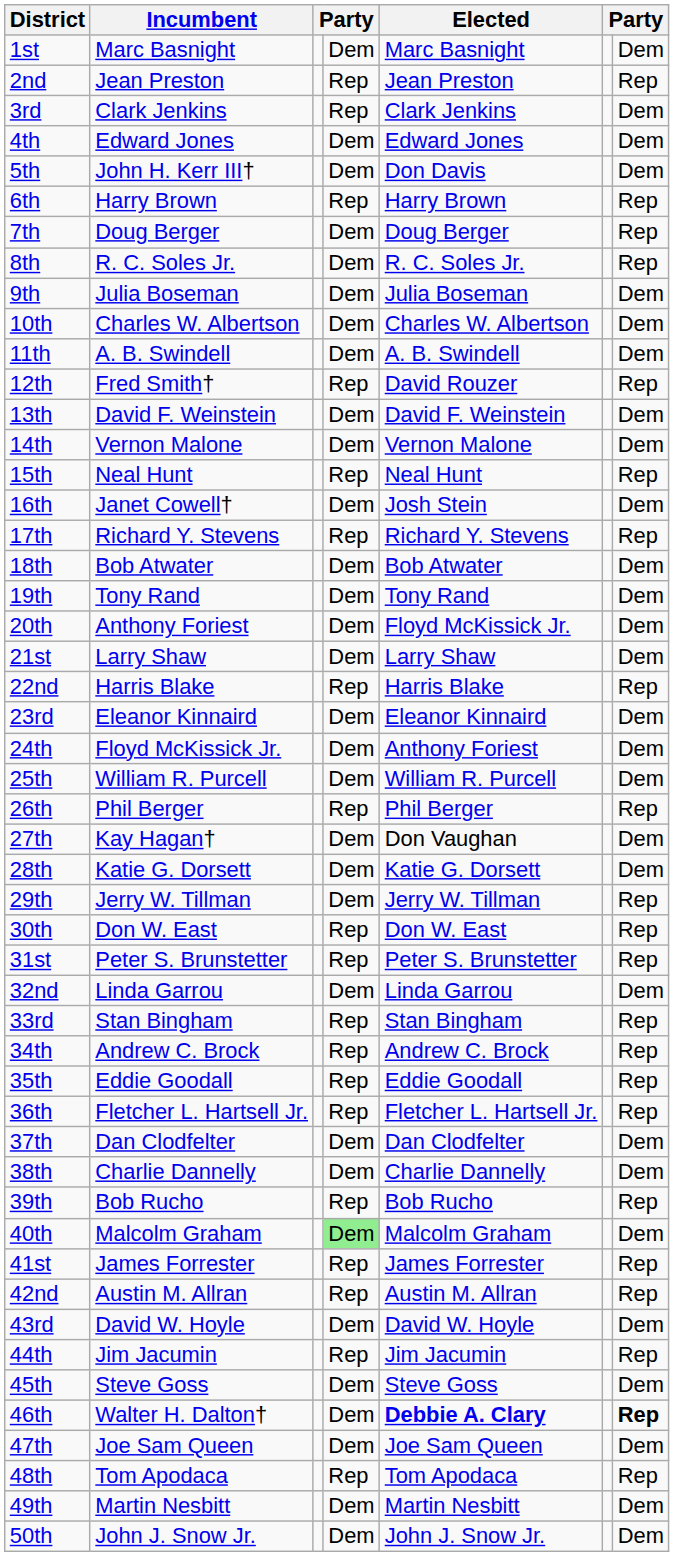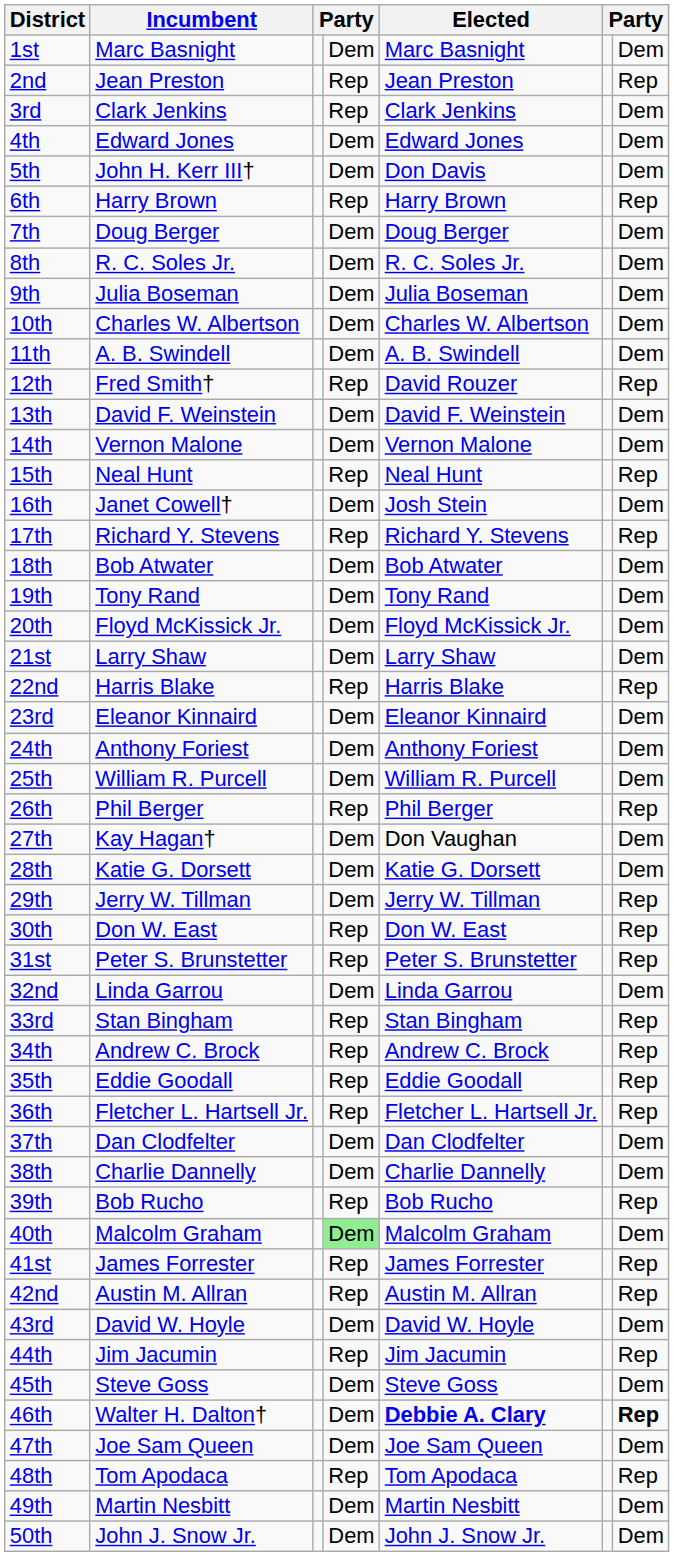 <table class="sortable wikitable" style="font-size:95%;line-height:14px;">
 <tr>
 <th class="unsortable">District</th>
 <th class="unsortable"><a href='#'>Incumbent</a></th>
 <th colspan="2">Party</th>
 <th class="unsortable">Elected</th>
 <th colspan="2">Party</th>
 </tr>
 <tr>
 <td><a href='#'>1st</a></td>
 <td><a href='#'>Marc Basnight</a></td>
 <td style="background:"></td>
 <td>Dem</td>
 <td><a href='#'>Marc Basnight</a></td>
 <td style="background:"></td>
 <td>Dem</td>
 </tr>
 <tr>
 <td><a href='#'>2nd</a></td>
 <td><a href='#'>Jean Preston</a></td>
 <td style="background:"></td>
 <td>Rep</td>
 <td><a href='#'>Jean Preston</a></td>
 <td style="background:"></td>
 <td>Rep</td>
 </tr>
 <tr>
 <td><a href='#'>3rd</a></td>
 <td><a href='#'>Clark Jenkins</a></td>
 <td style="background:"></td>
 <td>Rep</td>
 <td><a href='#'>Clark Jenkins</a></td>
 <td style="background:"></td>
 <td>Dem</td>
 </tr>
 <tr>
 <td><a href='#'>4th</a></td>
 <td><a href='#'>Edward Jones</a></td>
 <td style="background:"></td>
 <td>Dem</td>
 <td><a href='#'>Edward Jones</a></td>
 <td style="background:"></td>
 <td>Dem</td>
 </tr>
 <tr>
 <td><a href='#'>5th</a></td>
 <td><a href='#'>John H. Kerr III</a>†</td>
 <td style="background:"></td>
 <td>Dem</td>
 <td><a href='#'>Don Davis</a></td>
 <td style="background:"></td>
 <td>Dem</td>
 </tr>
 <tr>
 <td><a href='#'>6th</a></td>
 <td><a href='#'>Harry Brown</a></td>
 <td style="background:"></td>
 <td>Rep</td>
 <td><a href='#'>Harry Brown</a></td>
 <td style="background:"></td>
 <td>Rep</td>
 </tr>
 <tr>
 <td><a href='#'>7th</a></td>
 <td><a href='#'>Doug Berger</a></td>
 <td style="background:"></td>
 <td>Dem</td>
 <td><a href='#'>Doug Berger</a></td>
 <td style="background:"></td>
-<td>Rep</td>
+<td>Dem</td>
 </tr>
 <tr>
 <td><a href='#'>8th</a></td>
 <td><a href='#'>R. C. Soles Jr.</a></td>
 <td style="background:"></td>
 <td>Dem</td>
 <td><a href='#'>R. C. Soles Jr.</a></td>
 <td style="background:"></td>
-<td>Rep</td>
+<td>Dem</td>
 </tr>
 <tr>
 <td><a href='#'>9th</a></td>
 <td><a href='#'>Julia Boseman</a></td>
 <td style="background:"></td>
 <td>Dem</td>
 <td><a href='#'>Julia Boseman</a></td>
 <td style="background:"></td>
 <td>Dem</td>
 </tr>
 <tr>
 <td><a href='#'>10th</a></td>
 <td><a href='#'>Charles W. Albertson</a></td>
 <td style="background:"></td>
 <td>Dem</td>
 <td><a href='#'>Charles W. Albertson</a></td>
 <td style="background:"></td>
 <td>Dem</td>
 </tr>
 <tr>
 <td><a href='#'>11th</a></td>
 <td><a href='#'>A. B. Swindell</a></td>
 <td style="background:"></td>
 <td>Dem</td>
 <td><a href='#'>A. B. Swindell</a></td>
 <td style="background:"></td>
 <td>Dem</td>
 </tr>
 <tr>
 <td><a href='#'>12th</a></td>
 <td><a href='#'>Fred Smith</a>†</td>
 <td style="background:"></td>
 <td>Rep</td>
 <td><a href='#'>David Rouzer</a></td>
 <td style="background:"></td>
 <td>Rep</td>
 </tr>
 <tr>
 <td><a href='#'>13th</a></td>
 <td><a href='#'>David F. Weinstein</a></td>
 <td style="background:"></td>
 <td>Dem</td>
 <td><a href='#'>David F. Weinstein</a></td>
 <td style="background:"></td>
 <td>Dem</td>
 </tr>
 <tr>
 <td><a href='#'>14th</a></td>
 <td><a href='#'>Vernon Malone</a></td>
 <td style="background:"></td>
 <td>Dem</td>
 <td><a href='#'>Vernon Malone</a></td>
 <td style="background:"></td>
 <td>Dem</td>
 </tr>
 <tr>
 <td><a href='#'>15th</a></td>
 <td><a href='#'>Neal Hunt</a></td>
 <td style="background:"></td>
 <td>Rep</td>
 <td><a href='#'>Neal Hunt</a></td>
 <td style="background:"></td>
 <td>Rep</td>
 </tr>
 <tr>
 <td><a href='#'>16th</a></td>
 <td><a href='#'>Janet Cowell</a>†</td>
 <td style="background:"></td>
 <td>Dem</td>
 <td><a href='#'>Josh Stein</a></td>
 <td style="background:"></td>
 <td>Dem</td>
 </tr>
 <tr>
 <td><a href='#'>17th</a></td>
 <td><a href='#'>Richard Y. Stevens</a></td>
 <td style="background:"></td>
 <td>Rep</td>
 <td><a href='#'>Richard Y. Stevens</a></td>
 <td style="background:"></td>
 <td>Rep</td>
 </tr>
 <tr>
 <td><a href='#'>18th</a></td>
 <td><a href='#'>Bob Atwater</a></td>
 <td style="background:"></td>
 <td>Dem</td>
 <td><a href='#'>Bob Atwater</a></td>
 <td style="background:"></td>
 <td>Dem</td>
 </tr>
 <tr>
 <td><a href='#'>19th</a></td>
 <td><a href='#'>Tony Rand</a></td>
 <td style="background:"></td>
 <td>Dem</td>
 <td><a href='#'>Tony Rand</a></td>
 <td style="background:"></td>
 <td>Dem</td>
 </tr>
 <tr>
 <td><a href='#'>20th</a></td>
-<td><a href='#'>Anthony Foriest</a></td>
+<td><a href='#'>Floyd McKissick Jr.</a></td>
 <td style="background:"></td>
 <td>Dem</td>
 <td><a href='#'>Floyd McKissick Jr.</a></td>
 <td style="background:"></td>
 <td>Dem</td>
 </tr>
 <tr>
 <td><a href='#'>21st</a></td>
 <td><a href='#'>Larry Shaw</a></td>
 <td style="background:"></td>
 <td>Dem</td>
 <td><a href='#'>Larry Shaw</a></td>
 <td style="background:"></td>
 <td>Dem</td>
 </tr>
 <tr>
 <td><a href='#'>22nd</a></td>
 <td><a href='#'>Harris Blake</a></td>
 <td style="background:"></td>
 <td>Rep</td>
 <td><a href='#'>Harris Blake</a></td>
 <td style="background:"></td>
 <td>Rep</td>
 </tr>
 <tr>
 <td><a href='#'>23rd</a></td>
 <td><a href='#'>Eleanor Kinnaird</a></td>
 <td style="background:"></td>
 <td>Dem</td>
 <td><a href='#'>Eleanor Kinnaird</a></td>
 <td style="background:"></td>
 <td>Dem</td>
 </tr>
 <tr>
 <td><a href='#'>24th</a></td>
-<td><a href='#'>Floyd McKissick Jr.</a></td>
+<td><a href='#'>Anthony Foriest</a></td>
 <td style="background:"></td>
 <td>Dem</td>
 <td><a href='#'>Anthony Foriest</a></td>
 <td style="background:"></td>
 <td>Dem</td>
 </tr>
 <tr>
 <td><a href='#'>25th</a></td>
 <td><a href='#'>William R. Purcell</a></td>
 <td style="background:"></td>
 <td>Dem</td>
 <td><a href='#'>William R. Purcell</a></td>
 <td style="background:"></td>
 <td>Dem</td>
 </tr>
 <tr>
 <td><a href='#'>26th</a></td>
 <td><a href='#'>Phil Berger</a></td>
 <td style="background:"></td>
 <td>Rep</td>
 <td><a href='#'>Phil Berger</a></td>
 <td style="background:"></td>
 <td>Rep</td>
 </tr>
 <tr>
 <td><a href='#'>27th</a></td>
 <td><a href='#'>Kay Hagan</a>†</td>
 <td style="background:"></td>
 <td>Dem</td>
 <td>Don Vaughan</td>
 <td style="background:"></td>
 <td>Dem</td>
 </tr>
 <tr>
 <td><a href='#'>28th</a></td>
 <td><a href='#'>Katie G. Dorsett</a></td>
 <td style="background:"></td>
 <td>Dem</td>
 <td><a href='#'>Katie G. Dorsett</a></td>
 <td style="background:"></td>
 <td>Dem</td>
 </tr>
 <tr>
 <td><a href='#'>29th</a></td>
 <td><a href='#'>Jerry W. Tillman</a></td>
 <td style="background:"></td>
 <td>Dem</td>
 <td><a href='#'>Jerry W. Tillman</a></td>
 <td style="background:"></td>
 <td>Rep</td>
 </tr>
 <tr>
 <td><a href='#'>30th</a></td>
 <td><a href='#'>Don W. East</a></td>
 <td style="background:"></td>
 <td>Rep</td>
 <td><a href='#'>Don W. East</a></td>
 <td style="background:"></td>
 <td>Rep</td>
 </tr>
 <tr>
 <td><a href='#'>31st</a></td>
 <td><a href='#'>Peter S. Brunstetter</a></td>
 <td style="background:"></td>
 <td>Rep</td>
 <td><a href='#'>Peter S. Brunstetter</a></td>
 <td style="background:"></td>
 <td>Rep</td>
 </tr>
 <tr>
 <td><a href='#'>32nd</a></td>
 <td><a href='#'>Linda Garrou</a></td>
 <td style="background:"></td>
 <td>Dem</td>
 <td><a href='#'>Linda Garrou</a></td>
 <td style="background:"></td>
 <td>Dem</td>
 </tr>
 <tr>
 <td><a href='#'>33rd</a></td>
 <td><a href='#'>Stan Bingham</a></td>
 <td style="background:"></td>
 <td>Rep</td>
 <td><a href='#'>Stan Bingham</a></td>
 <td style="background:"></td>
 <td>Rep</td>
 </tr>
 <tr>
 <td><a href='#'>34th</a></td>
 <td><a href='#'>Andrew C. Brock</a></td>
 <td style="background:"></td>
 <td>Rep</td>
 <td><a href='#'>Andrew C. Brock</a></td>
 <td style="background:"></td>
 <td>Rep</td>
 </tr>
 <tr>
 <td><a href='#'>35th</a></td>
 <td><a href='#'>Eddie Goodall</a></td>
 <td style="background:"></td>
 <td>Rep</td>
 <td><a href='#'>Eddie Goodall</a></td>
 <td style="background:"></td>
 <td>Rep</td>
 </tr>
 <tr>
 <td><a href='#'>36th</a></td>
 <td><a href='#'>Fletcher L. Hartsell Jr.</a></td>
 <td style="background:"></td>
 <td>Rep</td>
 <td><a href='#'>Fletcher L. Hartsell Jr.</a></td>
 <td style="background:"></td>
 <td>Rep</td>
 </tr>
 <tr>
 <td><a href='#'>37th</a></td>
 <td><a href='#'>Dan Clodfelter</a></td>
 <td style="background:"></td>
 <td>Dem</td>
 <td><a href='#'>Dan Clodfelter</a></td>
 <td style="background:"></td>
 <td>Dem</td>
 </tr>
 <tr>
 <td><a href='#'>38th</a></td>
 <td><a href='#'>Charlie Dannelly</a></td>
 <td style="background:"></td>
 <td>Dem</td>
 <td><a href='#'>Charlie Dannelly</a></td>
 <td style="background:"></td>
 <td>Dem</td>
 </tr>
 <tr>
 <td><a href='#'>39th</a></td>
 <td><a href='#'>Bob Rucho</a></td>
 <td style="background:"></td>
 <td>Rep</td>
 <td><a href='#'>Bob Rucho</a></td>
 <td style="background:"></td>
 <td>Rep</td>
 </tr>
 <tr>
 <td><a href='#'>40th</a></td>
 <td><a href='#'>Malcolm Graham</a></td>
 <td style="background:"></td>
 <td style="background: lightgreen;">Dem</td>
 <td><a href='#'>Malcolm Graham</a></td>
 <td style="background:"></td>
 <td>Dem</td>
 </tr>
 <tr>
 <td><a href='#'>41st</a></td>
 <td><a href='#'>James Forrester</a></td>
 <td style="background:"></td>
 <td>Rep</td>
 <td><a href='#'>James Forrester</a></td>
 <td style="background:"></td>
 <td>Rep</td>
 </tr>
 <tr>
 <td><a href='#'>42nd</a></td>
 <td><a href='#'>Austin M. Allran</a></td>
 <td style="background:"></td>
 <td>Rep</td>
 <td><a href='#'>Austin M. Allran</a></td>
 <td style="background:"></td>
 <td>Rep</td>
 </tr>
 <tr>
 <td><a href='#'>43rd</a></td>
 <td><a href='#'>David W. Hoyle</a></td>
 <td style="background:"></td>
 <td>Dem</td>
 <td><a href='#'>David W. Hoyle</a></td>
 <td style="background:"></td>
 <td>Dem</td>
 </tr>
 <tr>
 <td><a href='#'>44th</a></td>
 <td><a href='#'>Jim Jacumin</a></td>
 <td style="background:"></td>
 <td>Rep</td>
 <td><a href='#'>Jim Jacumin</a></td>
 <td style="background:"></td>
 <td>Rep</td>
 </tr>
 <tr>
 <td><a href='#'>45th</a></td>
 <td><a href='#'>Steve Goss</a></td>
 <td style="background:"></td>
 <td>Dem</td>
 <td><a href='#'>Steve Goss</a></td>
 <td style="background:"></td>
 <td>Dem</td>
 </tr>
 <tr>
 <td><a href='#'>46th</a></td>
 <td><a href='#'>Walter H. Dalton</a>†</td>
 <td style="background:"></td>
 <td>Dem</td>
 <td><strong><a href='#'>Debbie A. Clary</a></strong></td>
 <td style="background:"></td>
 <td><strong>Rep</strong></td>
 </tr>
 <tr>
 <td><a href='#'>47th</a></td>
 <td><a href='#'>Joe Sam Queen</a></td>
 <td style="background:"></td>
 <td>Dem</td>
 <td><a href='#'>Joe Sam Queen</a></td>
 <td style="background:"></td>
 <td>Dem</td>
 </tr>
 <tr>
 <td><a href='#'>48th</a></td>
 <td><a href='#'>Tom Apodaca</a></td>
 <td style="background:"></td>
 <td>Rep</td>
 <td><a href='#'>Tom Apodaca</a></td>
 <td style="background:"></td>
 <td>Rep</td>
 </tr>
 <tr>
 <td><a href='#'>49th</a></td>
 <td><a href='#'>Martin Nesbitt</a></td>
 <td style="background:"></td>
 <td>Dem</td>
 <td><a href='#'>Martin Nesbitt</a></td>
 <td style="background:"></td>
 <td>Dem</td>
 </tr>
 <tr>
 <td><a href='#'>50th</a></td>
 <td><a href='#'>John J. Snow Jr.</a></td>
 <td style="background:"></td>
 <td>Dem</td>
 <td><a href='#'>John J. Snow Jr.</a></td>
 <td style="background:"></td>
 <td>Dem</td>
 </tr>
 </table>
